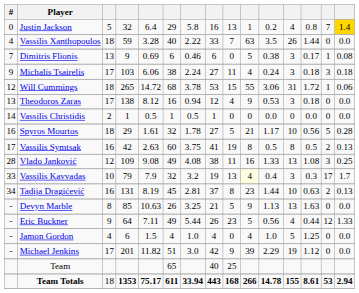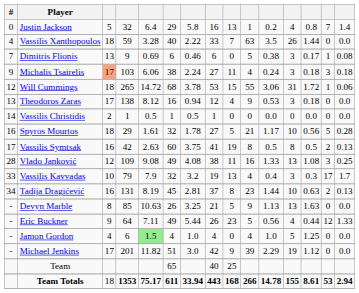 <table class="wikitable sortable" style="font-size:90%; text-align:center;">
 <tr>
 <th>#</th>
 <th>Player</th>
 <th></th>
 <th></th>
 <th></th>
 <th></th>
 <th></th>
 <th></th>
 <th></th>
 <th></th>
 <th></th>
 <th></th>
 <th></th>
 <th></th>
 <th></th>
 </tr>
 <tr>
 <td>0</td>
 <td align="left"> <a href='#'>Justin Jackson</a></td>
 <td>5</td>
 <td>32</td>
 <td>6.4</td>
 <td>29</td>
 <td>5.8</td>
 <td>16</td>
 <td>13</td>
 <td>1</td>
 <td>0.2</td>
 <td>4</td>
 <td>0.8</td>
 <td>7</td>
-<td style="background: gold;">1.4</td>
+<td>1.4</td>
 </tr>
 <tr>
 </tr>
 <tr>
 <td>4</td>
 <td align="left"> <a href='#'>Vassilis Xanthopoulos</a></td>
 <td>18</td>
 <td>59</td>
 <td>3.28</td>
 <td>40</td>
 <td>2.22</td>
 <td>33</td>
 <td>7</td>
 <td>63</td>
 <td>3.5</td>
 <td>26</td>
 <td>1.44</td>
 <td>0</td>
 <td>0.0</td>
 </tr>
 <tr>
 </tr>
 <tr>
 <td>7</td>
 <td align="left"> <a href='#'>Dimitris Flionis</a></td>
 <td>13</td>
 <td>9</td>
 <td>0.69</td>
 <td>6</td>
 <td>0.46</td>
 <td>6</td>
 <td>0</td>
 <td>5</td>
 <td>0.38</td>
 <td>3</td>
 <td>0.17</td>
 <td>1</td>
 <td>0.08</td>
 </tr>
 <tr>
 </tr>
 <tr>
 <td>9</td>
 <td align="left"> <a href='#'>Michalis Tsairelis</a></td>
-<td>17</td>
+<td style="background: lightsalmon;">17</td>
 <td>103</td>
 <td>6.06</td>
 <td>38</td>
 <td>2.24</td>
 <td>27</td>
 <td>11</td>
 <td>4</td>
 <td>0.24</td>
 <td>3</td>
 <td>0.18</td>
 <td>3</td>
 <td>0.18</td>
 </tr>
 <tr>
 </tr>
 <tr>
 <td>12</td>
 <td align="left"> <a href='#'>Will Cummings</a></td>
 <td>18</td>
 <td>265</td>
 <td>14.72</td>
 <td>68</td>
 <td>3.78</td>
 <td>53</td>
 <td>15</td>
 <td>55</td>
 <td>3.06</td>
 <td>31</td>
 <td>1.72</td>
 <td>1</td>
 <td>0.06</td>
 </tr>
 <tr>
 </tr>
 <tr>
 <td>13</td>
 <td align="left"> <a href='#'>Theodoros Zaras</a></td>
 <td>17</td>
 <td>138</td>
 <td>8.12</td>
 <td>16</td>
 <td>0.94</td>
 <td>12</td>
 <td>4</td>
 <td>9</td>
 <td>0.53</td>
 <td>3</td>
 <td>0.18</td>
 <td>0</td>
 <td>0.0</td>
 </tr>
 <tr>
 </tr>
 <tr>
 <td>14</td>
 <td align="left"> <a href='#'>Vassilis Christidis</a></td>
 <td>2</td>
 <td>1</td>
 <td>0.5</td>
 <td>1</td>
 <td>0.5</td>
 <td>1</td>
 <td>0</td>
 <td>0</td>
 <td>0.0</td>
 <td>0</td>
 <td>0.0</td>
 <td>0</td>
 <td>0.0</td>
 </tr>
 <tr>
 </tr>
 <tr>
 <td>16</td>
 <td align="left"> <a href='#'>Spyros Mourtos</a></td>
 <td>18</td>
 <td>29</td>
 <td>1.61</td>
 <td>32</td>
 <td>1.78</td>
 <td>27</td>
 <td>5</td>
 <td>21</td>
 <td>1.17</td>
 <td>10</td>
 <td>0.56</td>
 <td>5</td>
 <td>0.28</td>
 </tr>
 <tr>
 </tr>
 <tr>
 <td>17</td>
 <td align="left"> <a href='#'>Vassilis Symtsak</a></td>
 <td>16</td>
 <td>42</td>
 <td>2.63</td>
 <td>60</td>
 <td>3.75</td>
 <td>41</td>
 <td>19</td>
 <td>8</td>
 <td>0.5</td>
 <td>8</td>
 <td>0.5</td>
 <td>2</td>
 <td>0.13</td>
 </tr>
 <tr>
 </tr>
 <tr>
 <td>28</td>
 <td align="left"> <a href='#'>Vlado Janković</a></td>
 <td>12</td>
 <td>109</td>
 <td>9.08</td>
 <td>49</td>
 <td>4.08</td>
 <td>38</td>
 <td>11</td>
 <td>16</td>
 <td>1.33</td>
 <td>13</td>
 <td>1.08</td>
 <td>3</td>
 <td>0.25</td>
 </tr>
 <tr>
 </tr>
 <tr>
 <td>33</td>
 <td align="left"> <a href='#'>Vassilis Kavvadas</a></td>
 <td>10</td>
 <td>79</td>
 <td>7.9</td>
 <td>32</td>
 <td>3.2</td>
 <td>19</td>
 <td>13</td>
-<td style="background: lightyellow;">4</td>
+<td>4</td>
 <td>0.4</td>
 <td>3</td>
 <td>0.3</td>
 <td>17</td>
 <td>1.7</td>
 </tr>
 <tr>
 </tr>
 <tr>
 <td>34</td>
 <td align="left"> <a href='#'>Tadija Dragićević</a></td>
 <td>16</td>
 <td>131</td>
 <td>8.19</td>
 <td>45</td>
 <td>2.81</td>
 <td>37</td>
 <td>8</td>
 <td>23</td>
 <td>1.44</td>
 <td>10</td>
 <td>0.63</td>
 <td>2</td>
 <td>0.13</td>
 </tr>
 <tr>
 </tr>
 <tr>
 <td>-</td>
 <td align="left"> <a href='#'>Devyn Marble</a></td>
 <td>8</td>
 <td>85</td>
 <td>10.63</td>
 <td>26</td>
 <td>3.25</td>
 <td>21</td>
 <td>5</td>
 <td>9</td>
 <td>1.13</td>
 <td>13</td>
 <td>1.63</td>
 <td>0</td>
 <td>0.0</td>
 </tr>
 <tr>
 </tr>
 <tr>
 <td>-</td>
 <td align="left"> <a href='#'>Eric Buckner</a></td>
 <td>9</td>
 <td>64</td>
 <td>7.11</td>
 <td>49</td>
 <td>5.44</td>
 <td>26</td>
 <td>23</td>
 <td>5</td>
 <td>0.56</td>
 <td>4</td>
 <td>0.44</td>
 <td>12</td>
 <td>1.33</td>
 </tr>
 <tr>
 </tr>
 <tr>
 <td>-</td>
 <td align="left"> <a href='#'>Jamon Gordon</a></td>
 <td>4</td>
 <td>6</td>
-<td>1.5</td>
+<td style="background: lightgreen;">1.5</td>
 <td>4</td>
 <td>1.0</td>
 <td>4</td>
 <td>0</td>
 <td>4</td>
 <td>1.0</td>
 <td>5</td>
 <td>1.25</td>
 <td>0</td>
 <td>0.0</td>
 </tr>
 <tr>
 </tr>
 <tr>
 <td>-</td>
 <td align="left"> <a href='#'>Michael Jenkins</a></td>
 <td>17</td>
 <td>201</td>
 <td>11.82</td>
 <td>51</td>
 <td>3.0</td>
 <td>42</td>
 <td>9</td>
 <td>39</td>
 <td>2.29</td>
 <td>19</td>
 <td>1.12</td>
 <td>0</td>
 <td>0.0</td>
 </tr>
 <tr>
 </tr>
 <tr>
 <td></td>
 <td>Team</td>
 <td></td>
 <td></td>
 <td></td>
 <td>65</td>
 <td></td>
 <td>40</td>
 <td>25</td>
 <td></td>
 <td></td>
 <td></td>
 <td></td>
 <td></td>
 <td></td>
 </tr>
 <tr>
 </tr>
 <tr>
 <td></td>
 <td><strong>Team Totals</strong></td>
 <td>18</td>
 <td><strong>1353</strong></td>
 <td><strong>75.17</strong></td>
 <td><strong>611</strong></td>
 <td><strong>33.94</strong></td>
 <td><strong>443</strong></td>
 <td><strong>168</strong></td>
 <td><strong>266</strong></td>
 <td><strong>14.78</strong></td>
 <td><strong>155</strong></td>
 <td><strong>8.61</strong></td>
 <td><strong>53</strong></td>
 <td><strong>2.94</strong></td>
 </tr>
 <tr>
 </tr>
 </table>
